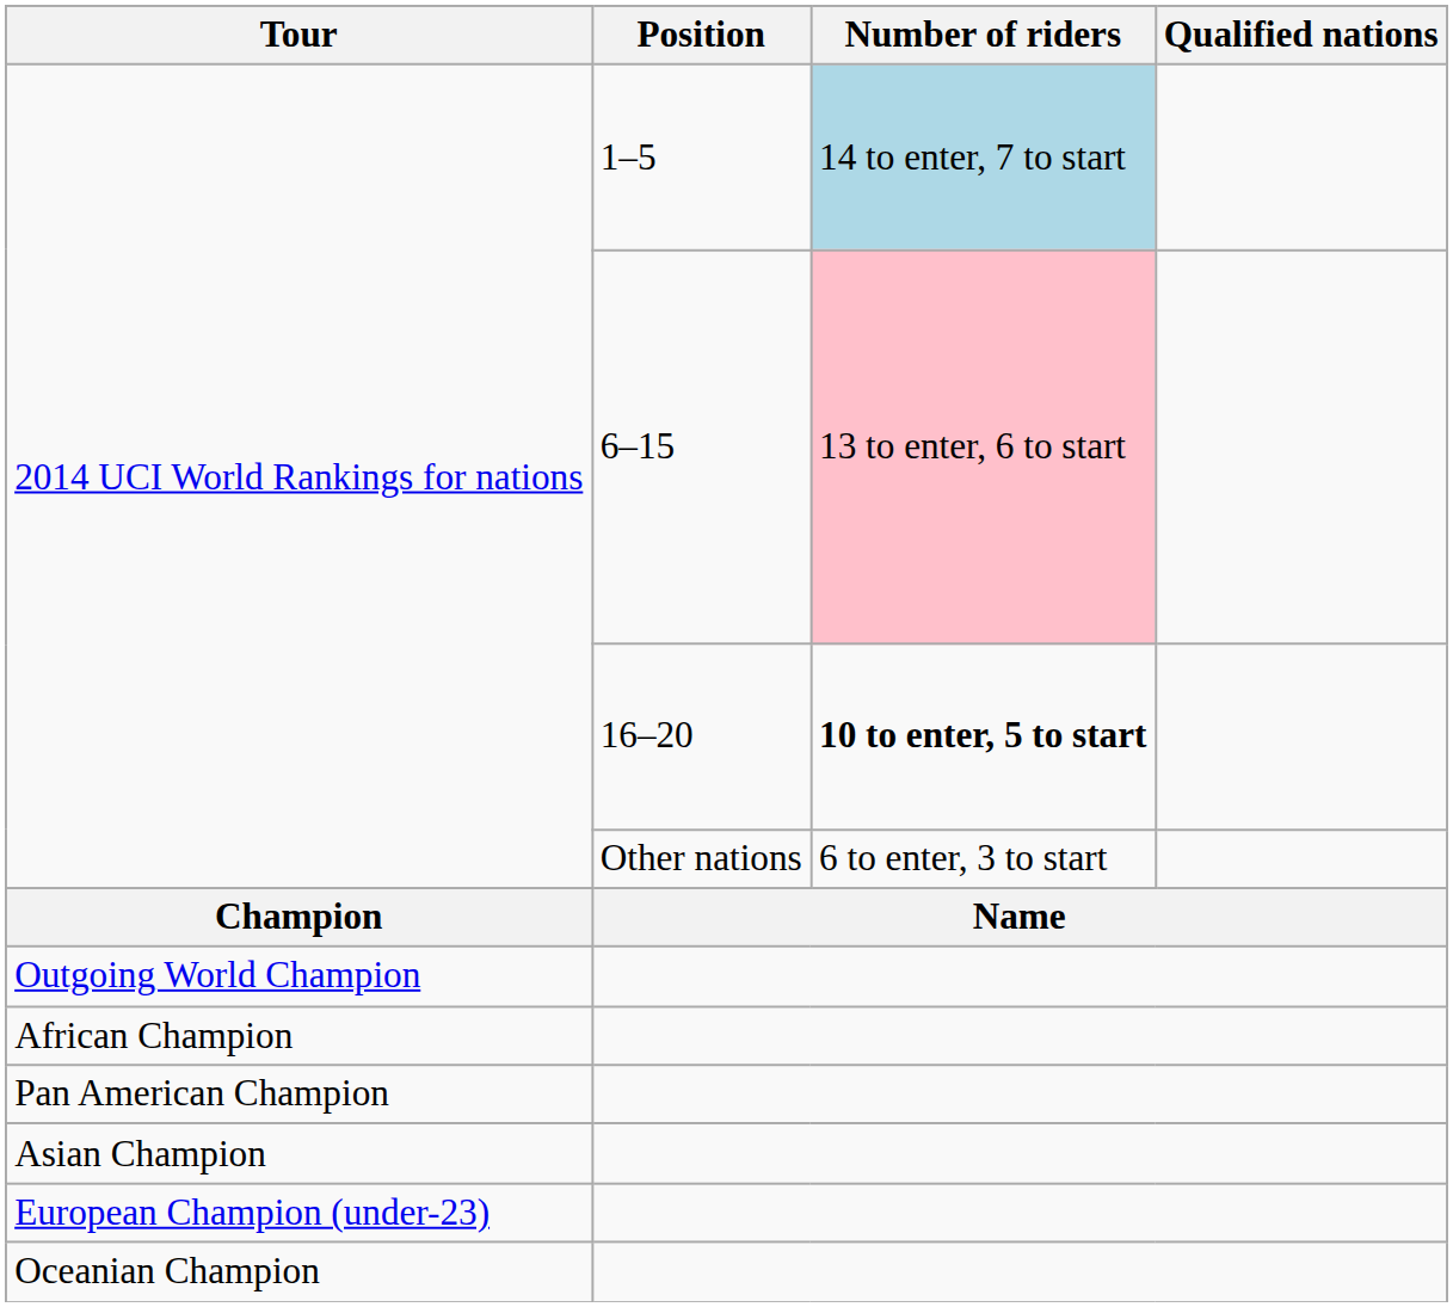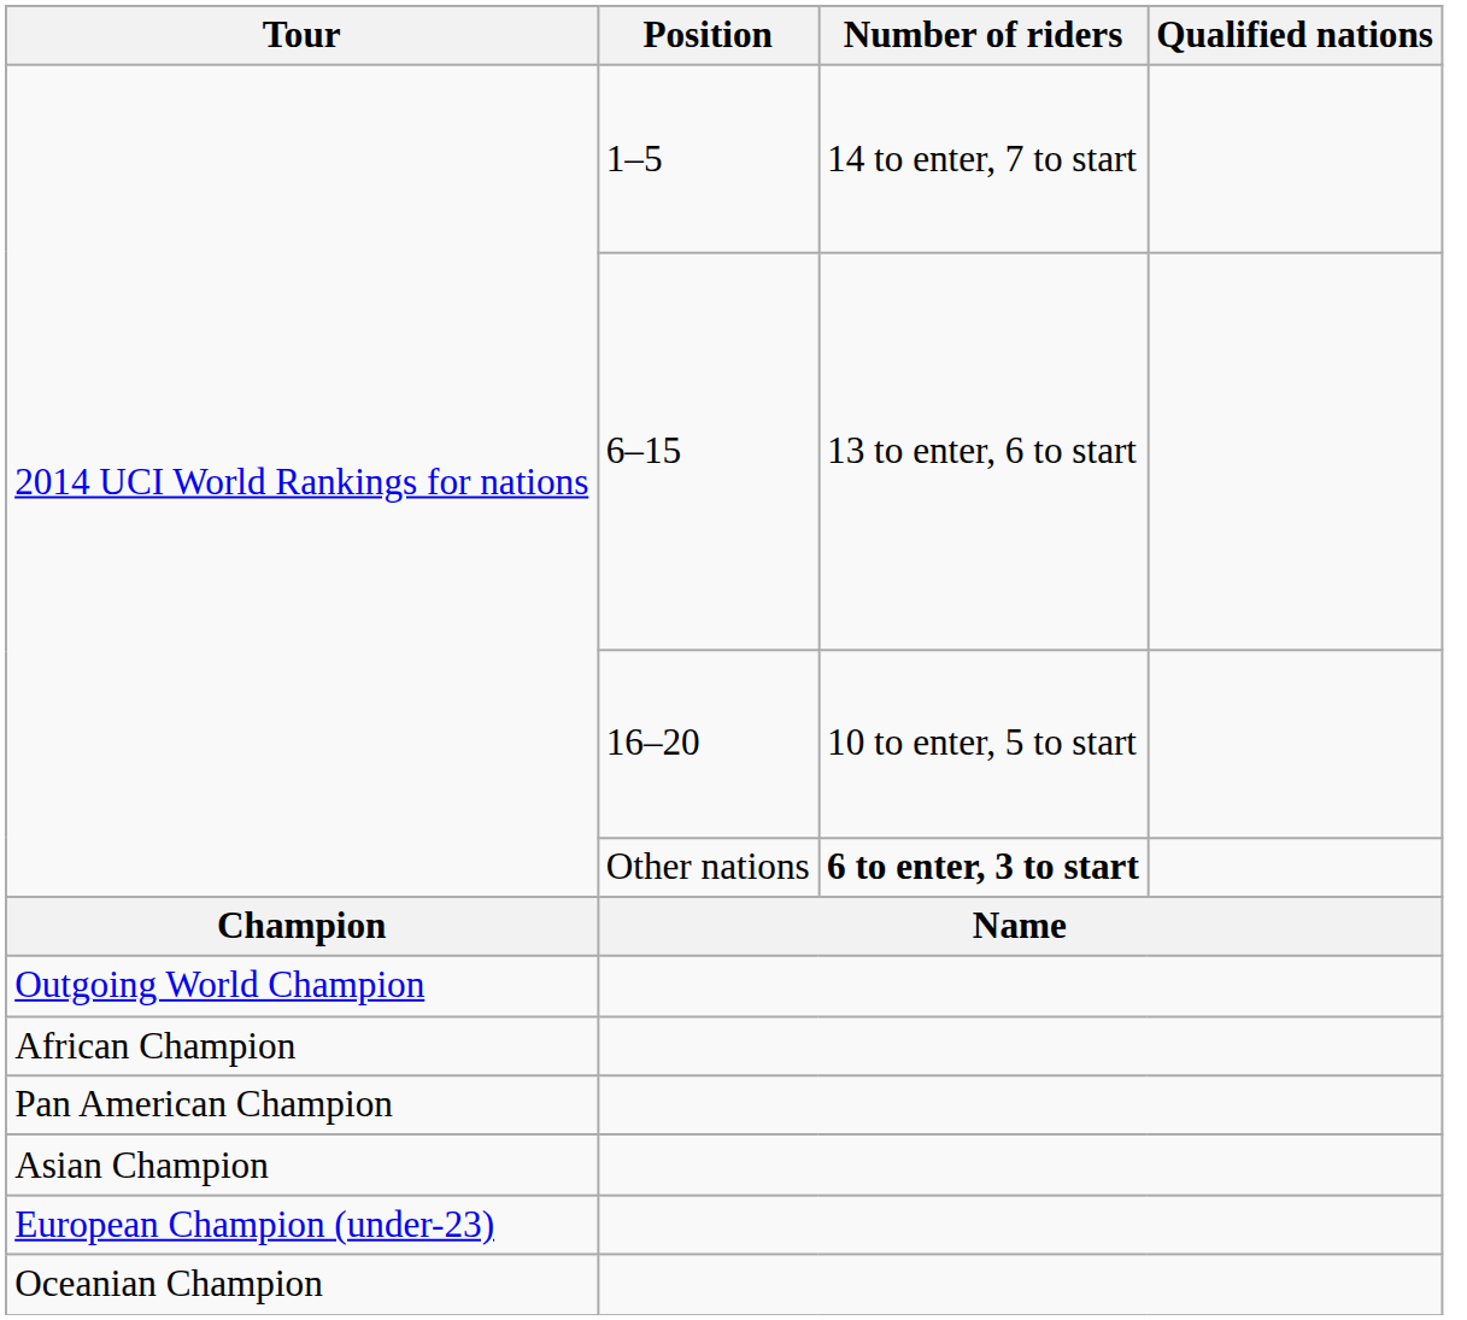 <table class="wikitable">
 <tr>
 <th>Tour</th>
 <th>Position</th>
 <th>Number of riders</th>
 <th>Qualified nations</th>
 </tr>
 <tr>
 <td rowspan=4><a href='#'>2014 UCI World Rankings for nations</a></td>
 <td>1–5</td>
-<td style="background: lightblue;">14 to enter, 7 to start</td>
+<td>14 to enter, 7 to start</td>
 <td><br><br><br><br></td>
 </tr>
 <tr>
 <td>6–15</td>
-<td style="background: pink;">13 to enter, 6 to start</td>
+<td>13 to enter, 6 to start</td>
 <td><br><br><br><br><br><br><br><br><br></td>
 </tr>
 <tr>
 <td>16–20</td>
-<td><strong>10 to enter, 5 to start</strong></td>
+<td>10 to enter, 5 to start</td>
 <td><br><br><br><br></td>
 </tr>
 <tr>
 <td>Other nations</td>
-<td>6 to enter, 3 to start</td>
+<td><strong>6 to enter, 3 to start</strong></td>
 <td></td>
 </tr>
 <tr>
 <th>Champion</th>
 <th colspan=3>Name</th>
 </tr>
 <tr>
 <td><a href='#'>Outgoing World Champion</a></td>
 <td colspan=3></td>
 </tr>
 <tr>
 <td>African Champion</td>
 <td colspan=3></td>
 </tr>
 <tr>
 <td>Pan American Champion</td>
 <td colspan=3></td>
 </tr>
 <tr>
 <td>Asian Champion</td>
 <td colspan=3></td>
 </tr>
 <tr>
 <td><a href='#'>European Champion (under-23)</a></td>
 <td colspan=3></td>
 </tr>
 <tr>
 <td>Oceanian Champion</td>
 <td colspan=3></td>
 </tr>
 </table>
